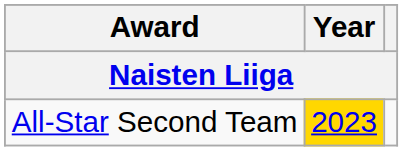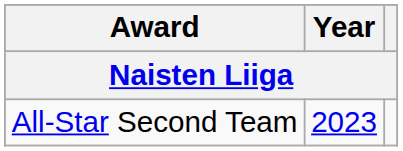 <table class="wikitable">
 <tr>
 <th>Award</th>
 <th>Year</th>
 <th></th>
 </tr>
 <tr>
 <th colspan="3"><a href='#'>Naisten Liiga</a></th>
 </tr>
 <tr>
 <td><a href='#'>All-Star</a> Second Team</td>
-<td style="background: gold;"><a href='#'>2023</a></td>
+<td><a href='#'>2023</a></td>
 <td></td>
 </tr>
 </table>
